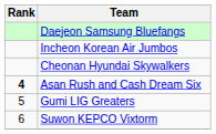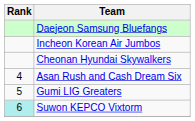 <table class="wikitable" style="text-align: center;">
 <tr>
 <th width=40>Rank</th>
 <th width=240>Team</th>
 </tr>
 <tr bgcolor=#ccffcc>
 <td></td>
 <td align=left><a href='#'>Daejeon Samsung Bluefangs</a></td>
 </tr>
 <tr>
 <td></td>
 <td align=left><a href='#'>Incheon Korean Air Jumbos</a></td>
 </tr>
 <tr>
 <td></td>
 <td align=left><a href='#'>Cheonan Hyundai Skywalkers</a></td>
 </tr>
 <tr>
-<td><strong>4</strong></td>
+<td>4</td>
 <td align=left><a href='#'>Asan Rush and Cash Dream Six</a></td>
 </tr>
 <tr>
 <td>5</td>
 <td align=left><a href='#'>Gumi LIG Greaters</a></td>
 </tr>
 <tr>
-<td>6</td>
+<td style="background: paleturquoise;">6</td>
 <td align=left><a href='#'>Suwon KEPCO Vixtorm</a></td>
 </tr>
 <tr>
 </tr>
 </table>
